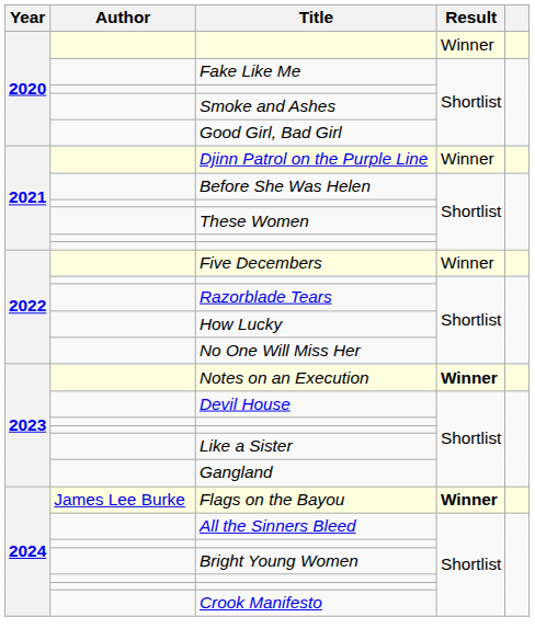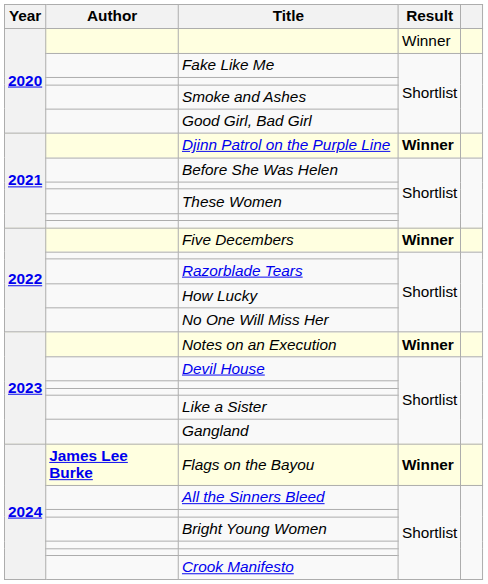 <table class="wikitable sortable mw-collapsible" style="width:80%">
 <tr>
 <th scope="col" width="5%">Year</th>
 <th scope="col" width="30%">Author</th>
 <th scope="col" width="50%">Title</th>
 <th scope="col" width="10%">Result</th>
 <th scope="col" width="5%"></th>
 </tr>
 <tr style="background:lightyellow;">
 <th rowspan="5"><a href='#'>2020</a></th>
 <td></td>
 <td></td>
 <td>Winner</td>
 <td></td>
 </tr>
 <tr>
 <td></td>
 <td><em>Fake Like Me</em></td>
 <td rowspan="4">Shortlist</td>
 <td rowspan="4"></td>
 </tr>
 <tr>
 <td></td>
 <td></td>
 </tr>
 <tr>
 <td></td>
 <td><em>Smoke and Ashes</em></td>
 </tr>
 <tr>
 <td></td>
 <td><em>Good Girl, Bad Girl</em></td>
 </tr>
 <tr style="background:lightyellow;">
 <th rowspan="6"><a href='#'>2021</a></th>
 <td></td>
 <td><em><a href='#'>Djinn Patrol on the Purple Line</a></em></td>
-<td>Winner</td>
+<td><strong>Winner</strong></td>
 <td></td>
 </tr>
 <tr>
 <td></td>
 <td><em>Before She Was Helen</em></td>
 <td rowspan="5">Shortlist</td>
 <td rowspan="5"></td>
 </tr>
 <tr>
 <td></td>
 <td></td>
 </tr>
 <tr>
 <td></td>
 <td><em>These Women</em></td>
 </tr>
 <tr>
 <td></td>
 <td></td>
 </tr>
 <tr>
 <td></td>
 <td></td>
 </tr>
 <tr style="background:lightyellow;">
 <th rowspan="5"><a href='#'>2022</a></th>
 <td></td>
 <td><em>Five Decembers</em></td>
-<td>Winner</td>
+<td><strong>Winner</strong></td>
 <td></td>
 </tr>
 <tr>
 <td></td>
 <td></td>
 <td rowspan="4">Shortlist</td>
 <td rowspan="4"></td>
 </tr>
 <tr>
 <td></td>
 <td><em><a href='#'>Razorblade Tears</a></em></td>
 </tr>
 <tr>
 <td></td>
 <td><em>How Lucky</em></td>
 </tr>
 <tr>
 <td></td>
 <td><em>No One Will Miss Her</em></td>
 </tr>
 <tr style="background:lightyellow;">
 <th rowspan="6"><a href='#'>2023</a></th>
 <td></td>
 <td><em>Notes on an Execution</em></td>
 <td><strong>Winner</strong></td>
 <td></td>
 </tr>
 <tr>
 <td></td>
 <td><em><a href='#'>Devil House</a></em></td>
 <td rowspan="5">Shortlist</td>
 <td rowspan="5"></td>
 </tr>
 <tr>
 <td></td>
 <td><em></em></td>
 </tr>
 <tr>
 <td></td>
 <td><em></em></td>
 </tr>
 <tr>
 <td></td>
 <td><em>Like a Sister</em></td>
 </tr>
 <tr>
 <td></td>
 <td><em>Gangland</em></td>
 </tr>
 <tr style="background:lightyellow;">
 <th rowspan="7"><a href='#'>2024</a></th>
-<td><a href='#'>James Lee Burke</a></td>
+<td><strong><a href='#'>James Lee Burke</a></strong></td>
 <td><em>Flags on the Bayou</em></td>
 <td><strong>Winner</strong></td>
 <td></td>
 </tr>
 <tr>
 <td></td>
 <td><em><a href='#'>All the Sinners Bleed</a></em></td>
 <td rowspan="6">Shortlist</td>
 <td rowspan="6"></td>
 </tr>
 <tr>
 <td></td>
 <td></td>
 </tr>
 <tr>
 <td></td>
 <td><em>Bright Young Women</em></td>
 </tr>
 <tr>
 <td></td>
 <td></td>
 </tr>
 <tr>
 <td></td>
 <td></td>
 </tr>
 <tr>
 <td></td>
 <td><em><a href='#'>Crook Manifesto</a></em></td>
 </tr>
 </table>
